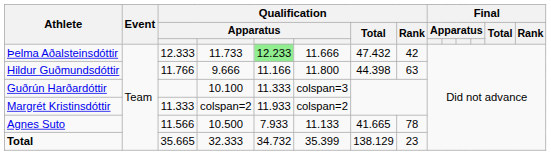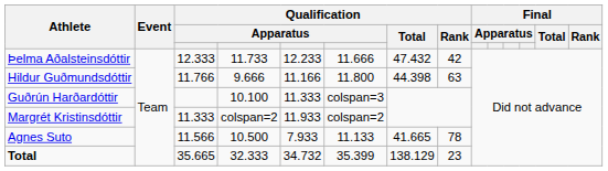 <table class="wikitable" style="font-size:90%">
 <tr>
 <th rowspan=3>Athlete</th>
 <th rowspan=3>Event</th>
 <th colspan=6>Qualification</th>
 <th colspan=6>Final</th>
 </tr>
 <tr style="font-size:95%">
 <th colspan=4>Apparatus</th>
 <th rowspan=2>Total</th>
 <th rowspan=2>Rank</th>
 <th colspan=4>Apparatus</th>
 <th rowspan=2>Total</th>
 <th rowspan=2>Rank</th>
 </tr>
 <tr style="font-size:95%">
 <th></th>
 <th></th>
 <th></th>
 <th></th>
 <th></th>
 <th></th>
 <th></th>
 <th></th>
 </tr>
 <tr align=center>
 <td align=left><a href='#'>Þelma Aðalsteinsdóttir</a></td>
 <td align=left rowspan=6>Team</td>
 <td>12.333</td>
 <td>11.733</td>
-<td style="background: lightgreen;">12.233</td>
+<td>12.233</td>
 <td>11.666</td>
 <td>47.432</td>
 <td>42</td>
 <td rowspan=6 colspan=6>Did not advance</td>
 </tr>
 <tr align=center>
 <td align=left><a href='#'>Hildur Guðmundsdóttir</a></td>
 <td>11.766</td>
 <td>9.666</td>
 <td>11.166</td>
 <td>11.800</td>
 <td>44.398</td>
 <td>63</td>
 </tr>
 <tr align=center>
 <td align=left><a href='#'>Guðrún Harðardóttir</a></td>
 <td></td>
 <td>10.100</td>
 <td>11.333</td>
 <td>colspan=3</td>
 </tr>
 <tr align=center>
 <td align=left><a href='#'>Margrét Kristinsdóttir</a></td>
 <td>11.333</td>
 <td>colspan=2</td>
 <td>11.933</td>
 <td>colspan=2</td>
 </tr>
 <tr align=center>
 <td align=left><a href='#'>Agnes Suto</a></td>
 <td>11.566</td>
 <td>10.500</td>
 <td>7.933</td>
 <td>11.133</td>
 <td>41.665</td>
 <td>78</td>
 </tr>
 <tr align=center>
 <td align=left><strong>Total</strong></td>
 <td>35.665</td>
 <td>32.333</td>
 <td>34.732</td>
 <td>35.399</td>
 <td>138.129</td>
 <td>23</td>
 </tr>
 </table>
